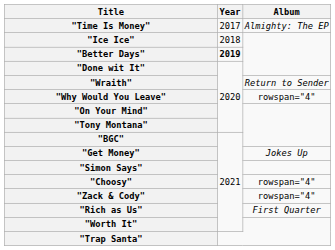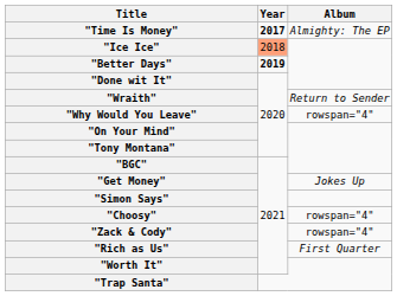 <table class="wikitable plainrowheaders" style="text-align:center;">
 <tr>
 <th scope="col" style="width:24em;">Title</th>
 <th scope="col" style="width:1em;">Year</th>
 <th scope="col">Album</th>
 </tr>
 <tr>
 <th scope="row">"Time Is Money"<br></th>
-<td>2017</td>
+<td><strong>2017</strong></td>
 <td><em>Almighty: The EP</em></td>
 </tr>
 <tr>
 <th scope="row">"Ice Ice"<br></th>
-<td>2018</td>
+<td style="background: lightsalmon;">2018</td>
 </tr>
 <tr>
 <th scope="row">"Better Days"<br></th>
 <td><strong>2019</strong></td>
 </tr>
 <tr>
 <th scope="row">"Done wit It"<br></th>
 <td rowspan="5">2020</td>
 </tr>
 <tr>
 <th scope="row">"Wraith"<br></th>
 <td><em>Return to Sender</em></td>
 </tr>
 <tr>
 <th scope="row">"Why Would You Leave"<br></th>
 <td>rowspan="4" </td>
 </tr>
 <tr>
 <th scope="row">"On Your Mind"<br></th>
 </tr>
 <tr>
 <th scope="row">"Tony Montana"<br></th>
 </tr>
 <tr>
 <th scope="row">"BGC"<br></th>
 <td rowspan="7">2021</td>
 </tr>
 <tr>
 <th scope="row">"Get Money"<br></th>
 <td><em>Jokes Up</em></td>
 </tr>
 <tr>
 <th scope="row">"Simon Says"<br></th>
 <td></td>
 </tr>
 <tr>
 <th scope="row">"Choosy"<br></th>
 <td>rowspan="4" </td>
 </tr>
 <tr>
 <th scope="row">"Zack & Cody"<br></th>
 <td>rowspan="4" </td>
 </tr>
 <tr>
 <th scope="row">"Rich as Us"<br></th>
 <td><em>First Quarter</em></td>
 </tr>
 <tr>
 <th Scope="row">"Worth It"<br></th>
 </tr>
 <tr>
 <th scope="row">"Trap Santa"<br></th>
 </tr>
 </table>
